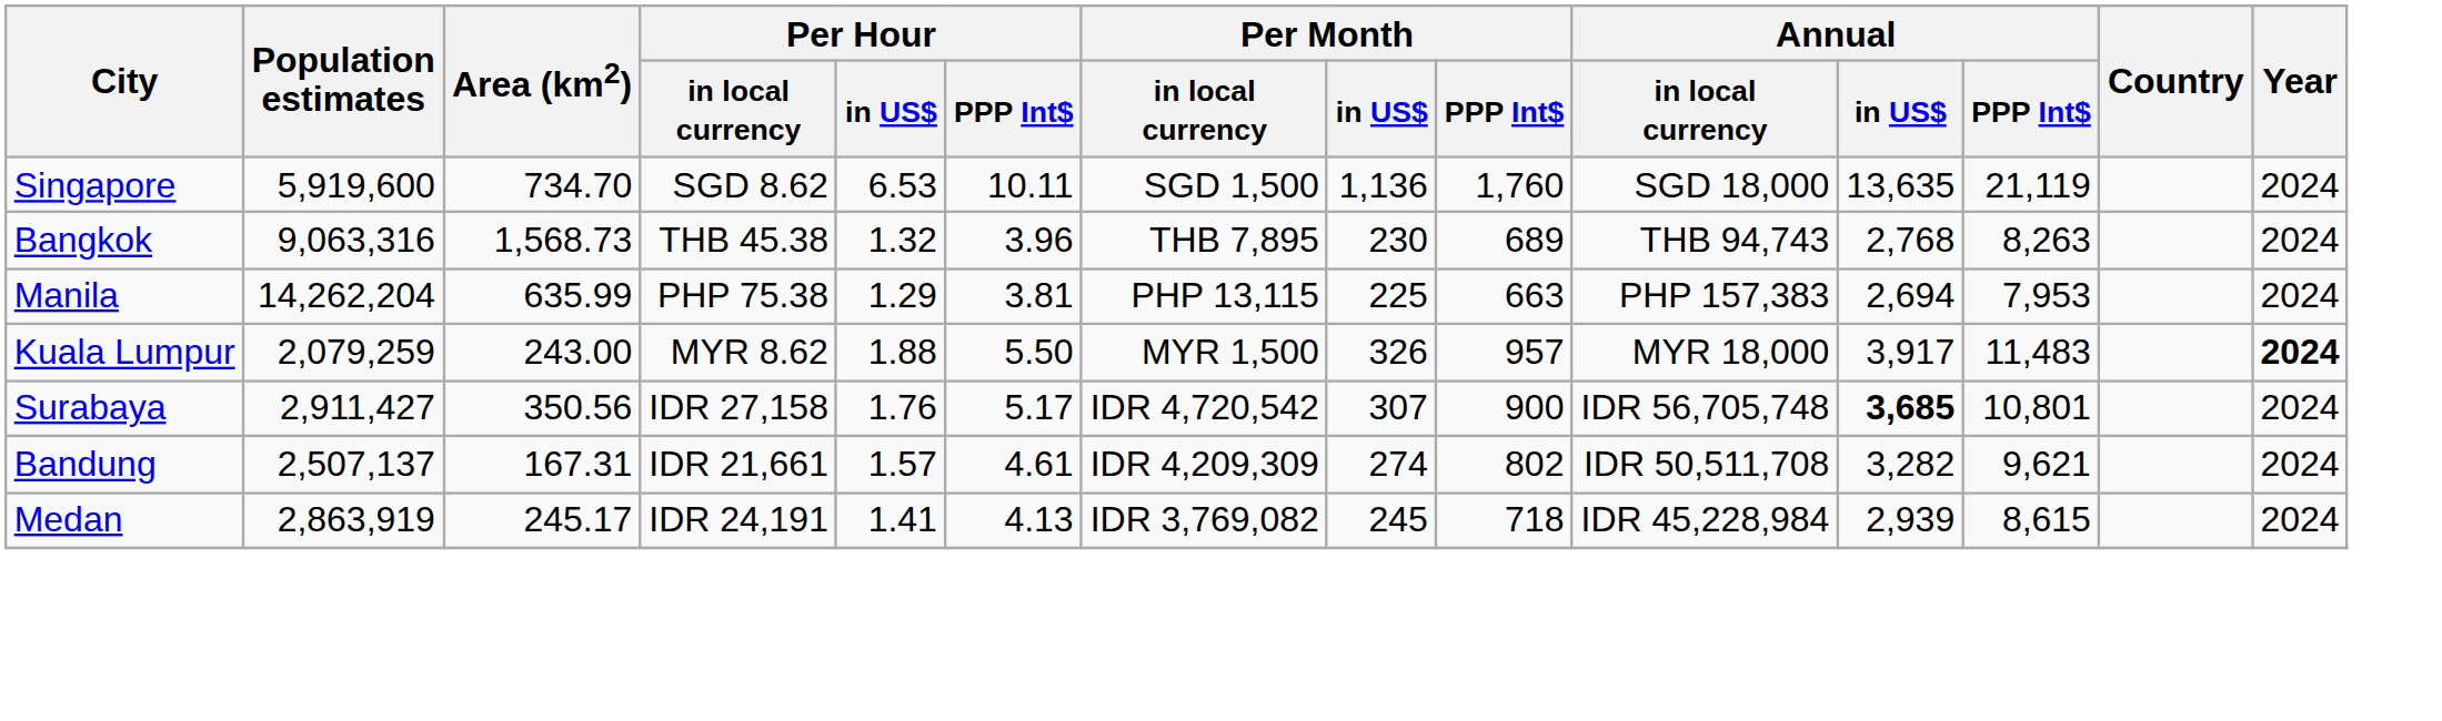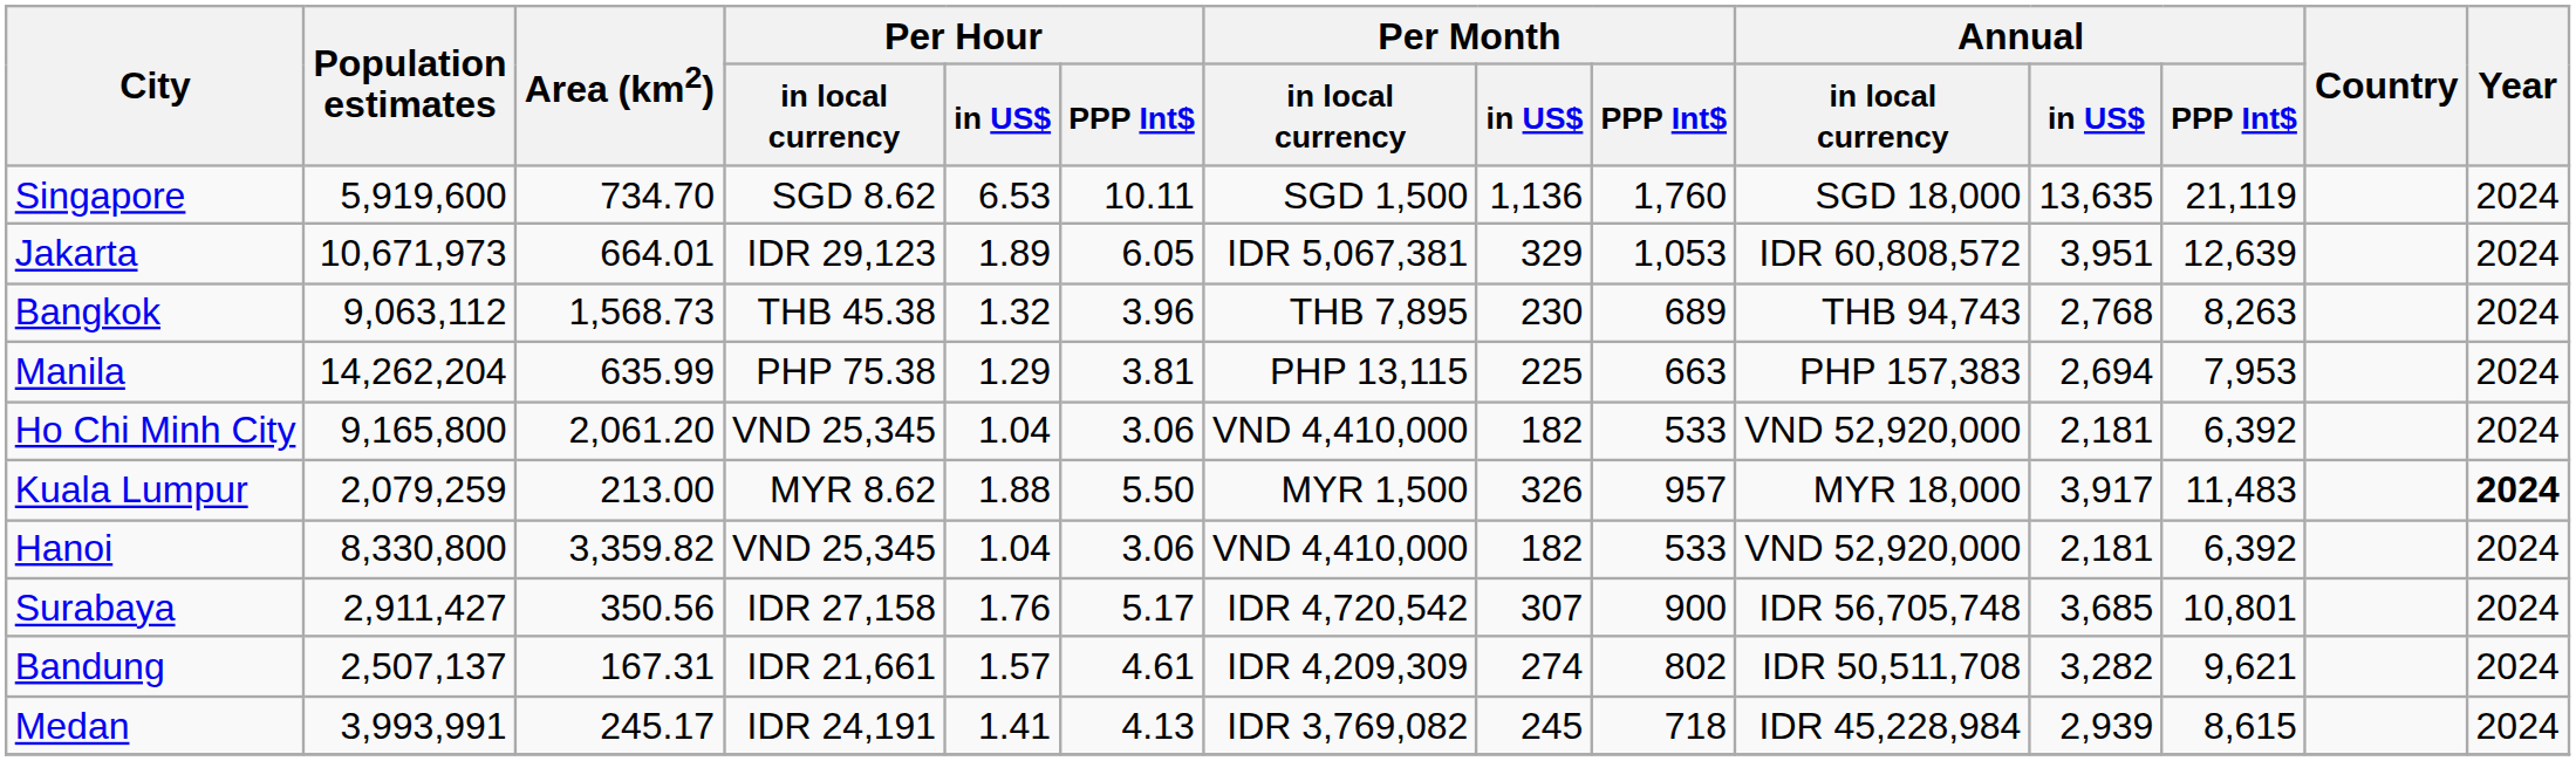 <table class="wikitable sortable sticky-header-multi static-row-numbers" style="text-align:center; font-size:85%;">
 <tr>
 <th rowspan="2">City</th>
 <th rowspan="2">Population<br>estimates</th>
 <th rowspan="2">Area (km<sup>2</sup>)</th>
 <th scope="col" colspan="3">Per Hour</th>
 <th scope="col" colspan="3">Per Month</th>
 <th scope="col" colspan="3">Annual</th>
 <th rowspan="2">Country</th>
 <th rowspan="2">Year</th>
 </tr>
 <tr>
 <th scope="col"><small>in local <br>currency</small></th>
 <th><small>in <a href='#'>US$</a></small></th>
 <th><small>PPP <a href='#'>Int$</a></small></th>
 <th scope="col"><small>in local <br>currency</small></th>
 <th><small>in <a href='#'>US$</a></small></th>
 <th><small>PPP <a href='#'>Int$</a></small></th>
 <th scope="col"><small>in local <br>currency</small></th>
 <th><small>in <a href='#'>US$</a></small></th>
 <th><small>PPP <a href='#'>Int$</a></small></th>
 </tr>
 <tr>
 <td ! scope="row" style="text-align: left; font-weight: normal;"><a href='#'>Singapore</a></td>
 <td align=right>5,919,600</td>
 <td align=right>734.70</td>
 <td align=right>SGD 8.62</td>
 <td align=right>6.53</td>
 <td align=right>10.11</td>
 <td align=right>SGD 1,500</td>
 <td align=right>1,136</td>
 <td align=right>1,760</td>
 <td align=right>SGD 18,000</td>
 <td align=right>13,635</td>
 <td align=right>21,119</td>
 <td></td>
 <td align=right>2024</td>
 </tr>
 <tr>
+<td ! scope="row" style="text-align: left; font-weight: normal;"><a href='#'>Jakarta</a></td>
+<td align=right>10,671,973</td>
+<td align=right>664.01</td>
+<td align=right>IDR 29,123</td>
+<td align=right>1.89</td>
+<td align=right>6.05</td>
+<td align=right>IDR 5,067,381</td>
+<td align=right>329</td>
+<td align=right>1,053</td>
+<td align=right>IDR 60,808,572</td>
+<td align=right>3,951</td>
+<td align=right>12,639</td>
+<td></td>
+<td align=right>2024</td>
+</tr>
+<tr>
 <td ! scope="row" style="text-align: left; font-weight: normal;"><a href='#'>Bangkok</a></td>
-<td align=right>9,063,316</td>
+<td align=right>9,063,112</td>
 <td align=right>1,568.73</td>
 <td align=right>THB 45.38</td>
 <td align=right>1.32</td>
 <td align=right>3.96</td>
 <td align=right>THB 7,895</td>
 <td align=right>230</td>
 <td align=right>689</td>
 <td align=right>THB 94,743</td>
 <td align=right>2,768</td>
 <td align=right>8,263</td>
 <td></td>
 <td align=right>2024</td>
 </tr>
 <tr>
 <td ! scope="row" style="text-align: left; font-weight: normal;"><a href='#'>Manila</a></td>
 <td align=right>14,262,204</td>
 <td align=right>635.99</td>
 <td align=right>PHP 75.38</td>
 <td align=right>1.29</td>
 <td align=right>3.81</td>
 <td align=right>PHP 13,115</td>
 <td align=right>225</td>
 <td align=right>663</td>
 <td align=right>PHP 157,383</td>
 <td align=right>2,694</td>
 <td align=right>7,953</td>
 <td></td>
 <td align=right>2024</td>
 </tr>
 <tr>
+<td ! scope="row" style="text-align: left; font-weight: normal;"><a href='#'>Ho Chi Minh City</a></td>
+<td align=right>9,165,800</td>
+<td align=right>2,061.20</td>
+<td align=right>VND 25,345</td>
+<td align=right>1.04</td>
+<td align=right>3.06</td>
+<td align=right>VND 4,410,000</td>
+<td align=right>182</td>
+<td align=right>533</td>
+<td align=right>VND 52,920,000</td>
+<td align=right>2,181</td>
+<td align=right>6,392</td>
+<td></td>
+<td align=right>2024</td>
+</tr>
+<tr>
 <td ! scope="row" style="text-align: left; font-weight: normal;"><a href='#'>Kuala Lumpur</a></td>
 <td align=right>2,079,259</td>
-<td align=right>243.00</td>
+<td align=right>213.00</td>
 <td align=right>MYR 8.62</td>
 <td align=right>1.88</td>
 <td align=right>5.50</td>
 <td align=right>MYR 1,500</td>
 <td align=right>326</td>
 <td align=right>957</td>
 <td align=right>MYR 18,000</td>
 <td align=right>3,917</td>
 <td align=right>11,483</td>
 <td></td>
 <td align=right><strong>2024</strong></td>
 </tr>
 <tr>
+<td ! scope="row" style="text-align: left; font-weight: normal;"><a href='#'>Hanoi</a></td>
+<td align=right>8,330,800</td>
+<td align=right>3,359.82</td>
+<td align=right>VND 25,345</td>
+<td align=right>1.04</td>
+<td align=right>3.06</td>
+<td align=right>VND 4,410,000</td>
+<td align=right>182</td>
+<td align=right>533</td>
+<td align=right>VND 52,920,000</td>
+<td align=right>2,181</td>
+<td align=right>6,392</td>
+<td></td>
+<td align=right>2024</td>
+</tr>
+<tr>
 <td ! scope="row" style="text-align: left; font-weight: normal;"><a href='#'>Surabaya</a></td>
 <td align=right>2,911,427</td>
 <td align=right>350.56</td>
 <td align=right>IDR 27,158</td>
 <td align=right>1.76</td>
 <td align=right>5.17</td>
 <td align=right>IDR 4,720,542</td>
 <td align=right>307</td>
 <td align=right>900</td>
 <td align=right>IDR 56,705,748</td>
-<td align=right><strong>3,685</strong></td>
+<td align=right>3,685</td>
 <td align=right>10,801</td>
 <td></td>
 <td align=right>2024</td>
 </tr>
 <tr>
 <td ! scope="row" style="text-align: left; font-weight: normal;"><a href='#'>Bandung</a></td>
 <td align=right>2,507,137</td>
 <td align=right>167.31</td>
 <td align=right>IDR 21,661</td>
 <td align=right>1.57</td>
 <td align=right>4.61</td>
 <td align=right>IDR 4,209,309</td>
 <td align=right>274</td>
 <td align=right>802</td>
 <td align=right>IDR 50,511,708</td>
 <td align=right>3,282</td>
 <td align=right>9,621</td>
 <td></td>
 <td align=right>2024</td>
 </tr>
 <tr>
 <td ! scope="row" style="text-align: left; font-weight: normal;"><a href='#'>Medan</a></td>
-<td align=right>2,863,919</td>
+<td align=right>3,993,991</td>
 <td align=right>245.17</td>
 <td align=right>IDR 24,191</td>
 <td align=right>1.41</td>
 <td align=right>4.13</td>
 <td align=right>IDR 3,769,082</td>
 <td align=right>245</td>
 <td align=right>718</td>
 <td align=right>IDR 45,228,984</td>
 <td align=right>2,939</td>
 <td align=right>8,615</td>
 <td></td>
 <td align=right>2024</td>
 </tr>
 <tr>
 </tr>
 </table>
